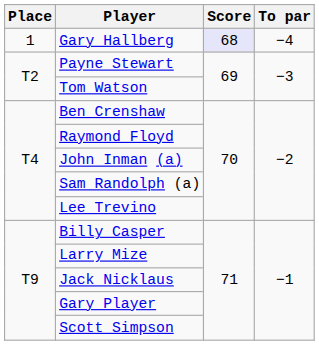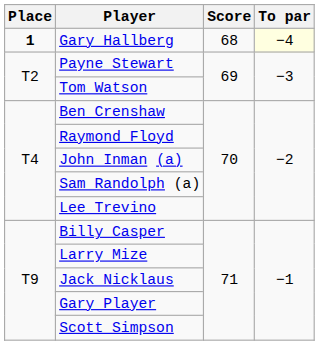 <table class="wikitable">
 <tr>
 <th>Place</th>
 <th>Player</th>
 <th>Score</th>
 <th>To par</th>
 </tr>
 <tr>
-<td align="center">1</td>
+<td align="center"><strong>1</strong></td>
 <td> <a href='#'>Gary Hallberg</a></td>
-<td align="center" style="background: lavender;">68</td>
-<td align="center">−4</td>
+<td align="center">68</td>
+<td align="center" style="background: lightyellow;">−4</td>
 </tr>
 <tr>
 <td rowspan=2 align="center">T2</td>
 <td> <a href='#'>Payne Stewart</a></td>
 <td rowspan=2 align="center">69</td>
 <td rowspan=2 align="center">−3</td>
 </tr>
 <tr>
 <td> <a href='#'>Tom Watson</a></td>
 </tr>
 <tr>
 <td rowspan=5 align="center">T4</td>
 <td> <a href='#'>Ben Crenshaw</a></td>
 <td rowspan=5 align="center">70</td>
 <td rowspan=5 align="center">−2</td>
 </tr>
 <tr>
 <td> <a href='#'>Raymond Floyd</a></td>
 </tr>
 <tr>
 <td> <a href='#'>John Inman</a> <a href='#'>(a)</a></td>
 </tr>
 <tr>
 <td> <a href='#'>Sam Randolph</a> (a)</td>
 </tr>
 <tr>
 <td> <a href='#'>Lee Trevino</a></td>
 </tr>
 <tr>
 <td rowspan=5 align="center">T9</td>
 <td> <a href='#'>Billy Casper</a></td>
 <td rowspan=5 align="center">71</td>
 <td rowspan=5 align="center">−1</td>
 </tr>
 <tr>
 <td> <a href='#'>Larry Mize</a></td>
 </tr>
 <tr>
 <td> <a href='#'>Jack Nicklaus</a></td>
 </tr>
 <tr>
 <td> <a href='#'>Gary Player</a></td>
 </tr>
 <tr>
 <td> <a href='#'>Scott Simpson</a></td>
 </tr>
 </table>
